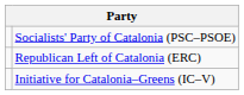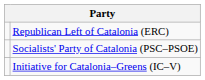 <table class="wikitable" style="text-align:left; font-size:95%;">
 <tr>
 <th colspan="2">Party</th>
+</tr>
+<tr>
+<td></td>
+<td><a href='#'>Republican Left of Catalonia</a> (ERC)</td>
 </tr>
 <tr>
 <td width="1"></td>
 <td><a href='#'>Socialists' Party of Catalonia</a> (PSC–PSOE)</td>
 </tr>
 <tr>
 <td></td>
-<td><a href='#'>Republican Left of Catalonia</a> (ERC)</td>
-</tr>
-<tr>
-<td></td>
 <td><a href='#'>Initiative for Catalonia–Greens</a> (IC–V)</td>
 </tr>
 </table>
